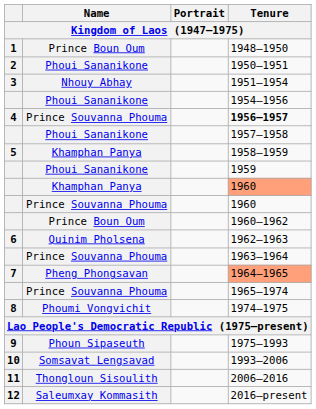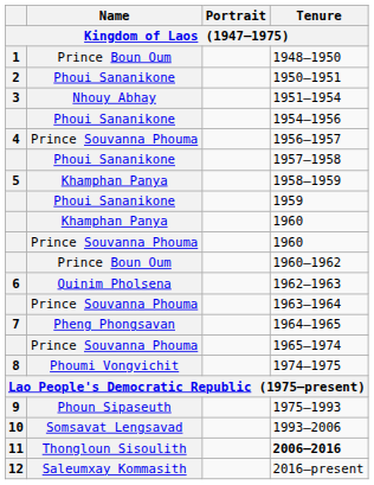 <table class="wikitable">
 <tr>
 <th></th>
 <th>Name<br></th>
 <th>Portrait</th>
 <th>Tenure</th>
 </tr>
 <tr>
 <th colspan="4" align="center"><a href='#'>Kingdom of Laos</a> (1947–1975)</th>
 </tr>
 <tr>
 <th>1</th>
 <th align="center" scope="row" style="font-weight:normal;">Prince <a href='#'>Boun Oum</a><br></th>
 <td></td>
 <td>1948–1950</td>
 </tr>
 <tr>
 <th>2</th>
 <th align="center" scope="row" style="font-weight:normal;"><a href='#'>Phoui Sananikone</a><br></th>
 <td></td>
 <td>1950–1951</td>
 </tr>
 <tr>
 <th>3</th>
 <th align="center" scope="row" style="font-weight:normal;"><a href='#'>Nhouy Abhay</a><br></th>
 <td></td>
 <td>1951–1954</td>
 </tr>
 <tr>
 <th></th>
 <th align="center" scope="row" style="font-weight:normal;"><a href='#'>Phoui Sananikone</a><br></th>
 <td></td>
 <td>1954–1956</td>
 </tr>
 <tr>
 <th>4</th>
 <th align="center" scope="row" style="font-weight:normal;">Prince <a href='#'>Souvanna Phouma</a><br></th>
 <td></td>
-<td><strong>1956–1957</strong></td>
+<td>1956–1957</td>
 </tr>
 <tr>
 <th></th>
 <th align="center" scope="row" style="font-weight:normal;"><a href='#'>Phoui Sananikone</a><br></th>
 <td></td>
 <td>1957–1958</td>
 </tr>
 <tr>
 <th>5</th>
 <th align="center" scope="row" style="font-weight:normal;"><a href='#'>Khamphan Panya</a><br></th>
 <td></td>
 <td>1958–1959</td>
 </tr>
 <tr>
 <th></th>
 <th align="center" scope="row" style="font-weight:normal;"><a href='#'>Phoui Sananikone</a><br></th>
 <td></td>
 <td>1959</td>
 </tr>
 <tr>
 <th></th>
 <th align="center" scope="row" style="font-weight:normal;"><a href='#'>Khamphan Panya</a><br></th>
 <td></td>
-<td style="background: lightsalmon;">1960</td>
+<td>1960</td>
 </tr>
 <tr>
 <th></th>
 <th align="center" scope="row" style="font-weight:normal;">Prince <a href='#'>Souvanna Phouma</a><br></th>
 <td></td>
 <td>1960</td>
 </tr>
 <tr>
 <th></th>
 <th align="center" scope="row" style="font-weight:normal;">Prince <a href='#'>Boun Oum</a><br></th>
 <td></td>
 <td>1960–1962</td>
 </tr>
 <tr>
 <th>6</th>
 <th align="center" scope="row" style="font-weight:normal;"><a href='#'>Quinim Pholsena</a><br></th>
 <td></td>
 <td>1962–1963</td>
 </tr>
 <tr>
 <th></th>
 <th align="center" scope="row" style="font-weight:normal;">Prince <a href='#'>Souvanna Phouma</a><br></th>
 <td></td>
 <td>1963–1964</td>
 </tr>
 <tr>
 <th>7</th>
 <th align="center" scope="row" style="font-weight:normal;"><a href='#'>Pheng Phongsavan</a><br></th>
 <td></td>
-<td style="background: lightsalmon;">1964–1965</td>
+<td>1964–1965</td>
 </tr>
 <tr>
 <th></th>
 <th align="center" scope="row" style="font-weight:normal;">Prince <a href='#'>Souvanna Phouma</a><br></th>
 <td></td>
 <td>1965–1974</td>
 </tr>
 <tr>
 <th>8</th>
 <th align="center" scope="row" style="font-weight:normal;"><a href='#'>Phoumi Vongvichit</a><br></th>
 <td></td>
 <td>1974–1975</td>
 </tr>
 <tr>
 <th colspan="4" align="center"><a href='#'>Lao People's Democratic Republic</a> (1975–present)</th>
 </tr>
 <tr>
 <th>9</th>
 <th align="center" scope="row" style="font-weight:normal;"><a href='#'>Phoun Sipaseuth</a><br></th>
 <td></td>
 <td>1975–1993</td>
 </tr>
 <tr>
 <th>10</th>
 <th align="center" scope="row" style="font-weight:normal;"><a href='#'>Somsavat Lengsavad</a><br></th>
 <td></td>
 <td>1993–2006</td>
 </tr>
 <tr>
 <th>11</th>
 <th align="center" scope="row" style="font-weight:normal;"><a href='#'>Thongloun Sisoulith</a><br></th>
 <td></td>
-<td>2006–2016</td>
+<td><strong>2006–2016</strong></td>
 </tr>
 <tr>
 <th>12</th>
 <th align="center" scope="row" style="font-weight:normal;"><a href='#'>Saleumxay Kommasith</a><br></th>
 <td></td>
 <td>2016–present</td>
 </tr>
 </table>
